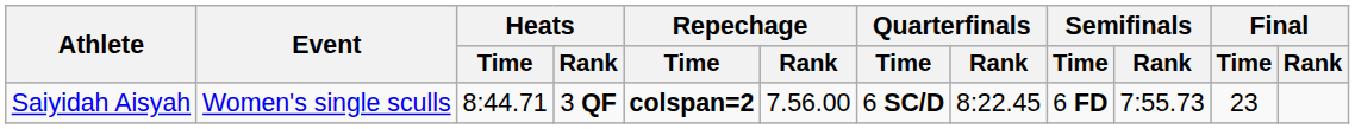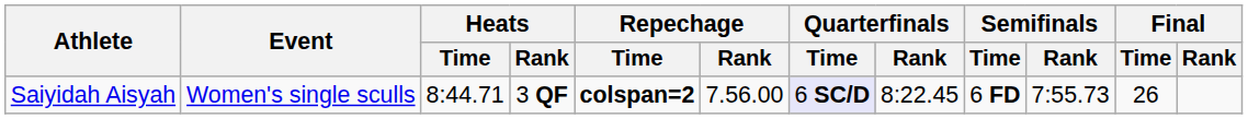 <table class="wikitable" style="font-size:90%">
 <tr>
 <th rowspan=2>Athlete</th>
 <th rowspan=2>Event</th>
 <th colspan="2">Heats</th>
 <th colspan="2">Repechage</th>
 <th colspan=2>Quarterfinals</th>
 <th colspan="2">Semifinals</th>
 <th colspan="2">Final</th>
 </tr>
 <tr style="font-size:95%">
 <th>Time</th>
 <th>Rank</th>
 <th>Time</th>
 <th>Rank</th>
 <th>Time</th>
 <th>Rank</th>
 <th>Time</th>
 <th>Rank</th>
 <th>Time</th>
 <th>Rank</th>
 </tr>
 <tr align=center>
 <td align=left><a href='#'>Saiyidah Aisyah</a></td>
 <td align=left><a href='#'>Women's single sculls</a></td>
 <td>8:44.71</td>
 <td>3 <strong>QF</strong></td>
 <td><strong>colspan=2 </strong></td>
 <td>7.56.00</td>
-<td>6 <strong>SC/D</strong></td>
+<td style="background: lavender;">6 <strong>SC/D</strong></td>
 <td>8:22.45</td>
 <td>6 <strong>FD</strong></td>
 <td>7:55.73</td>
-<td>23</td>
+<td>26</td>
 </tr>
 </table>
